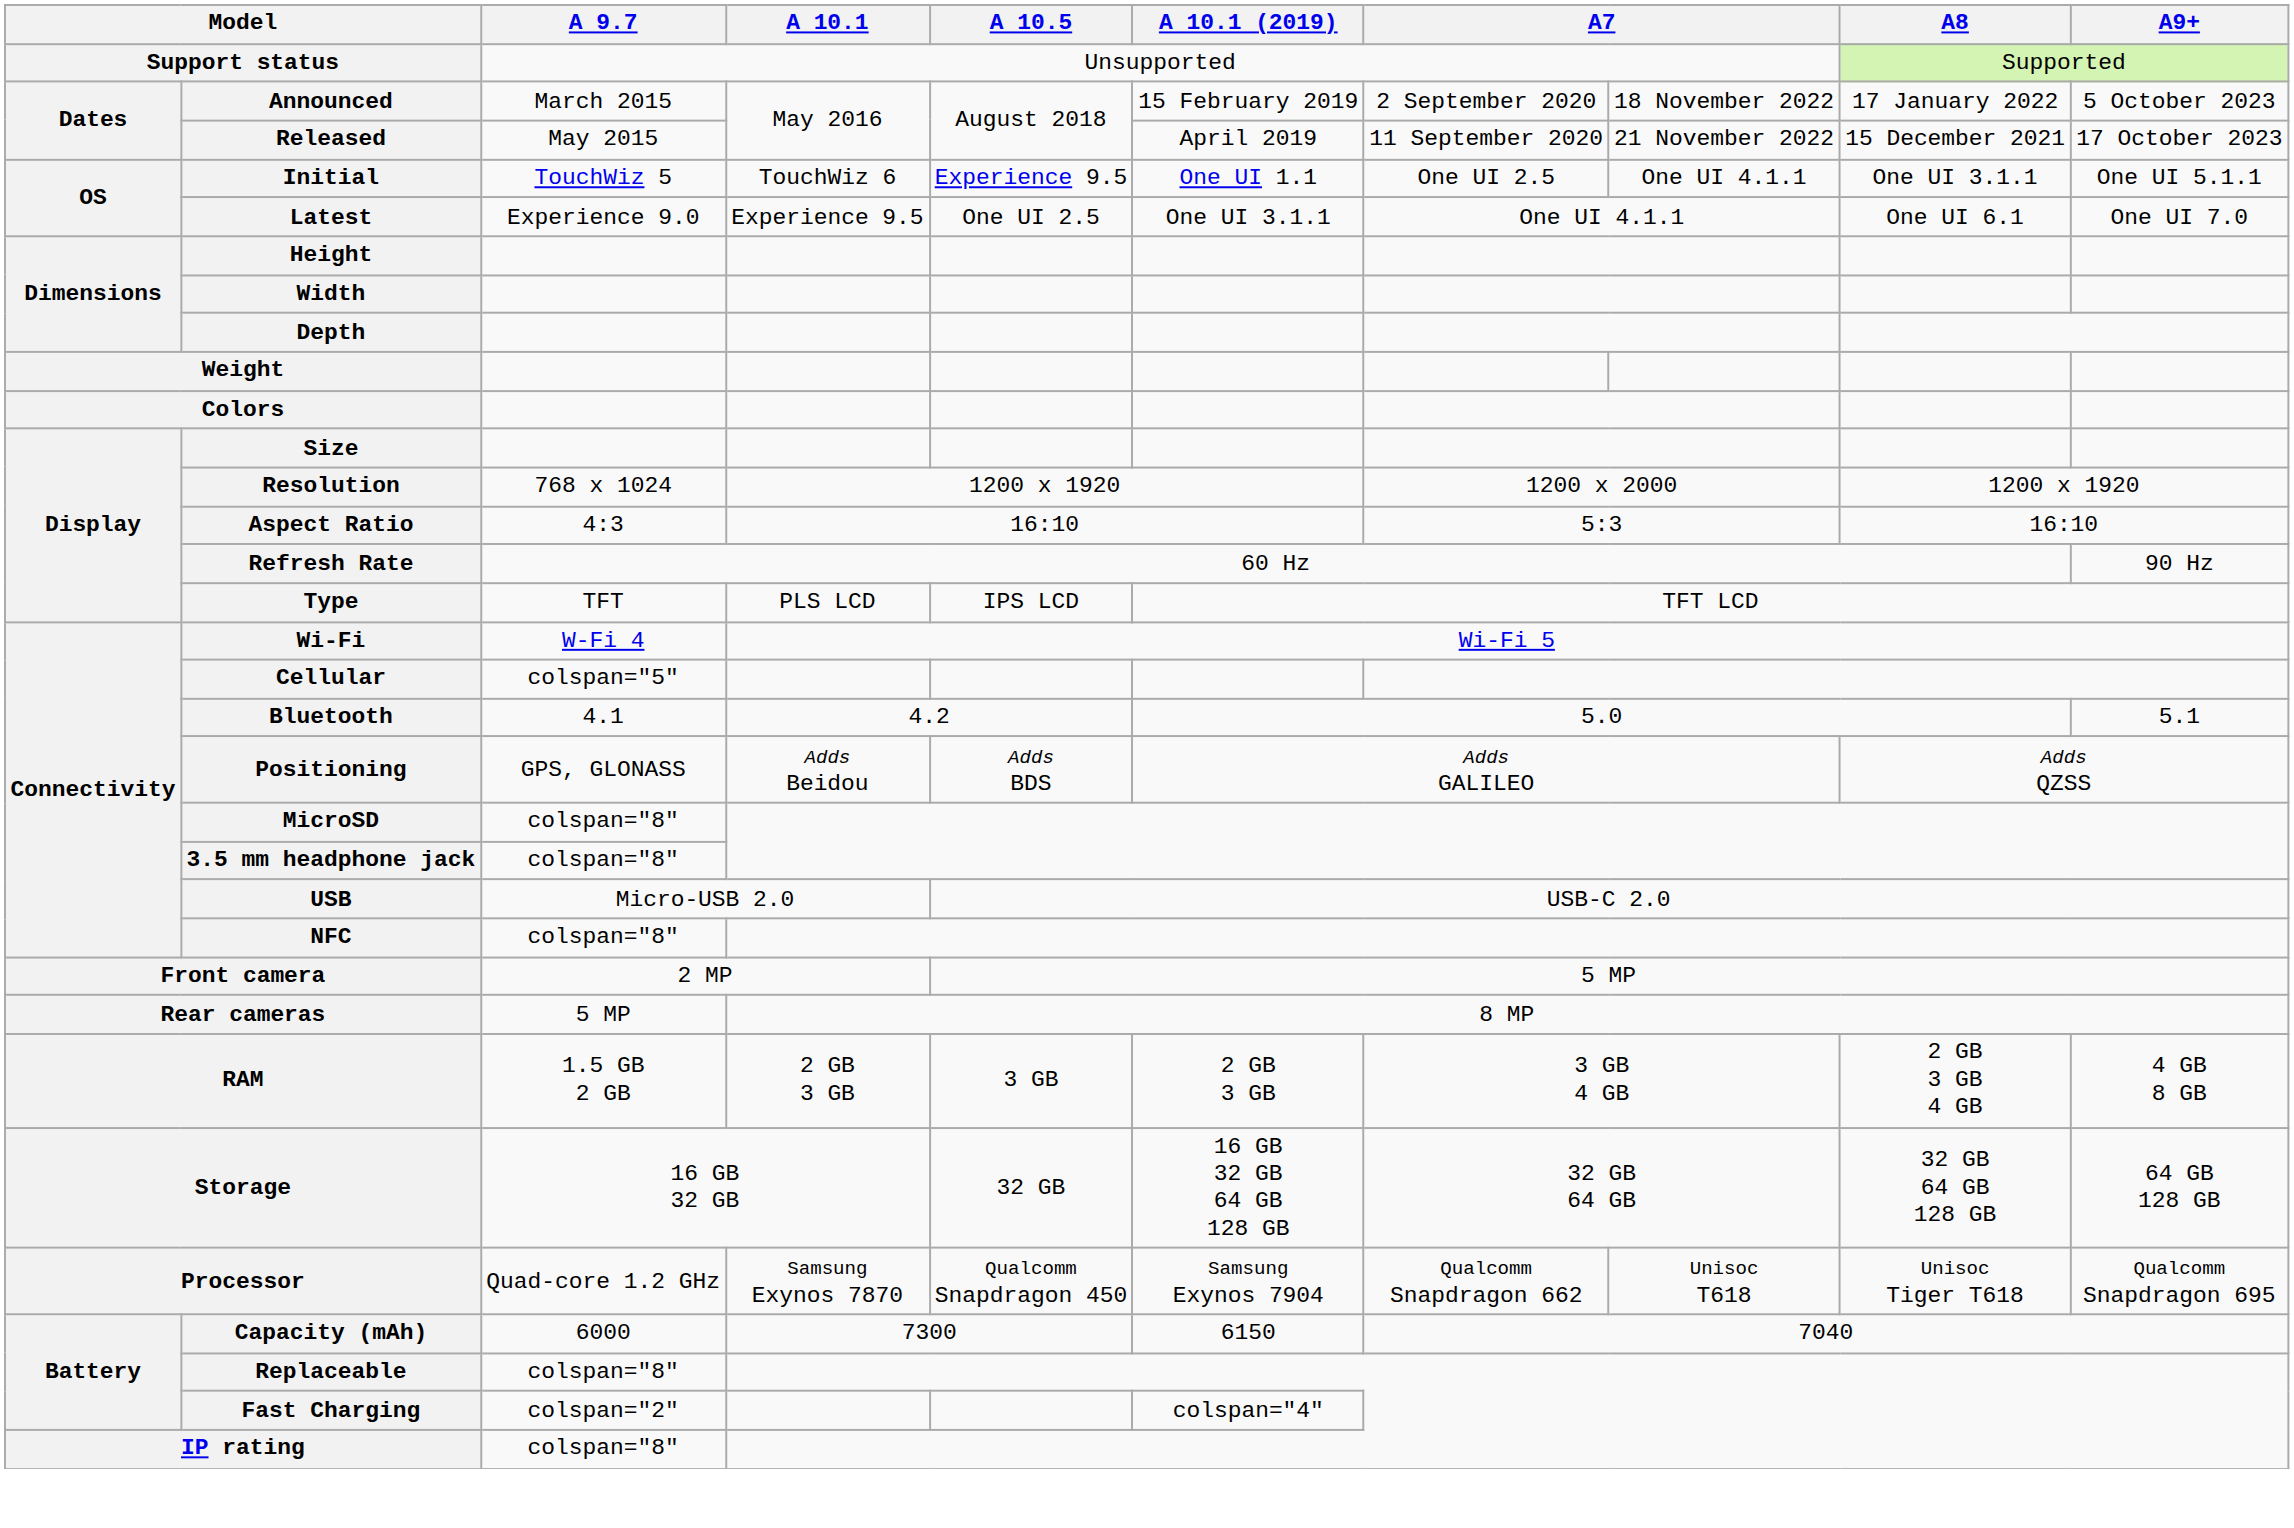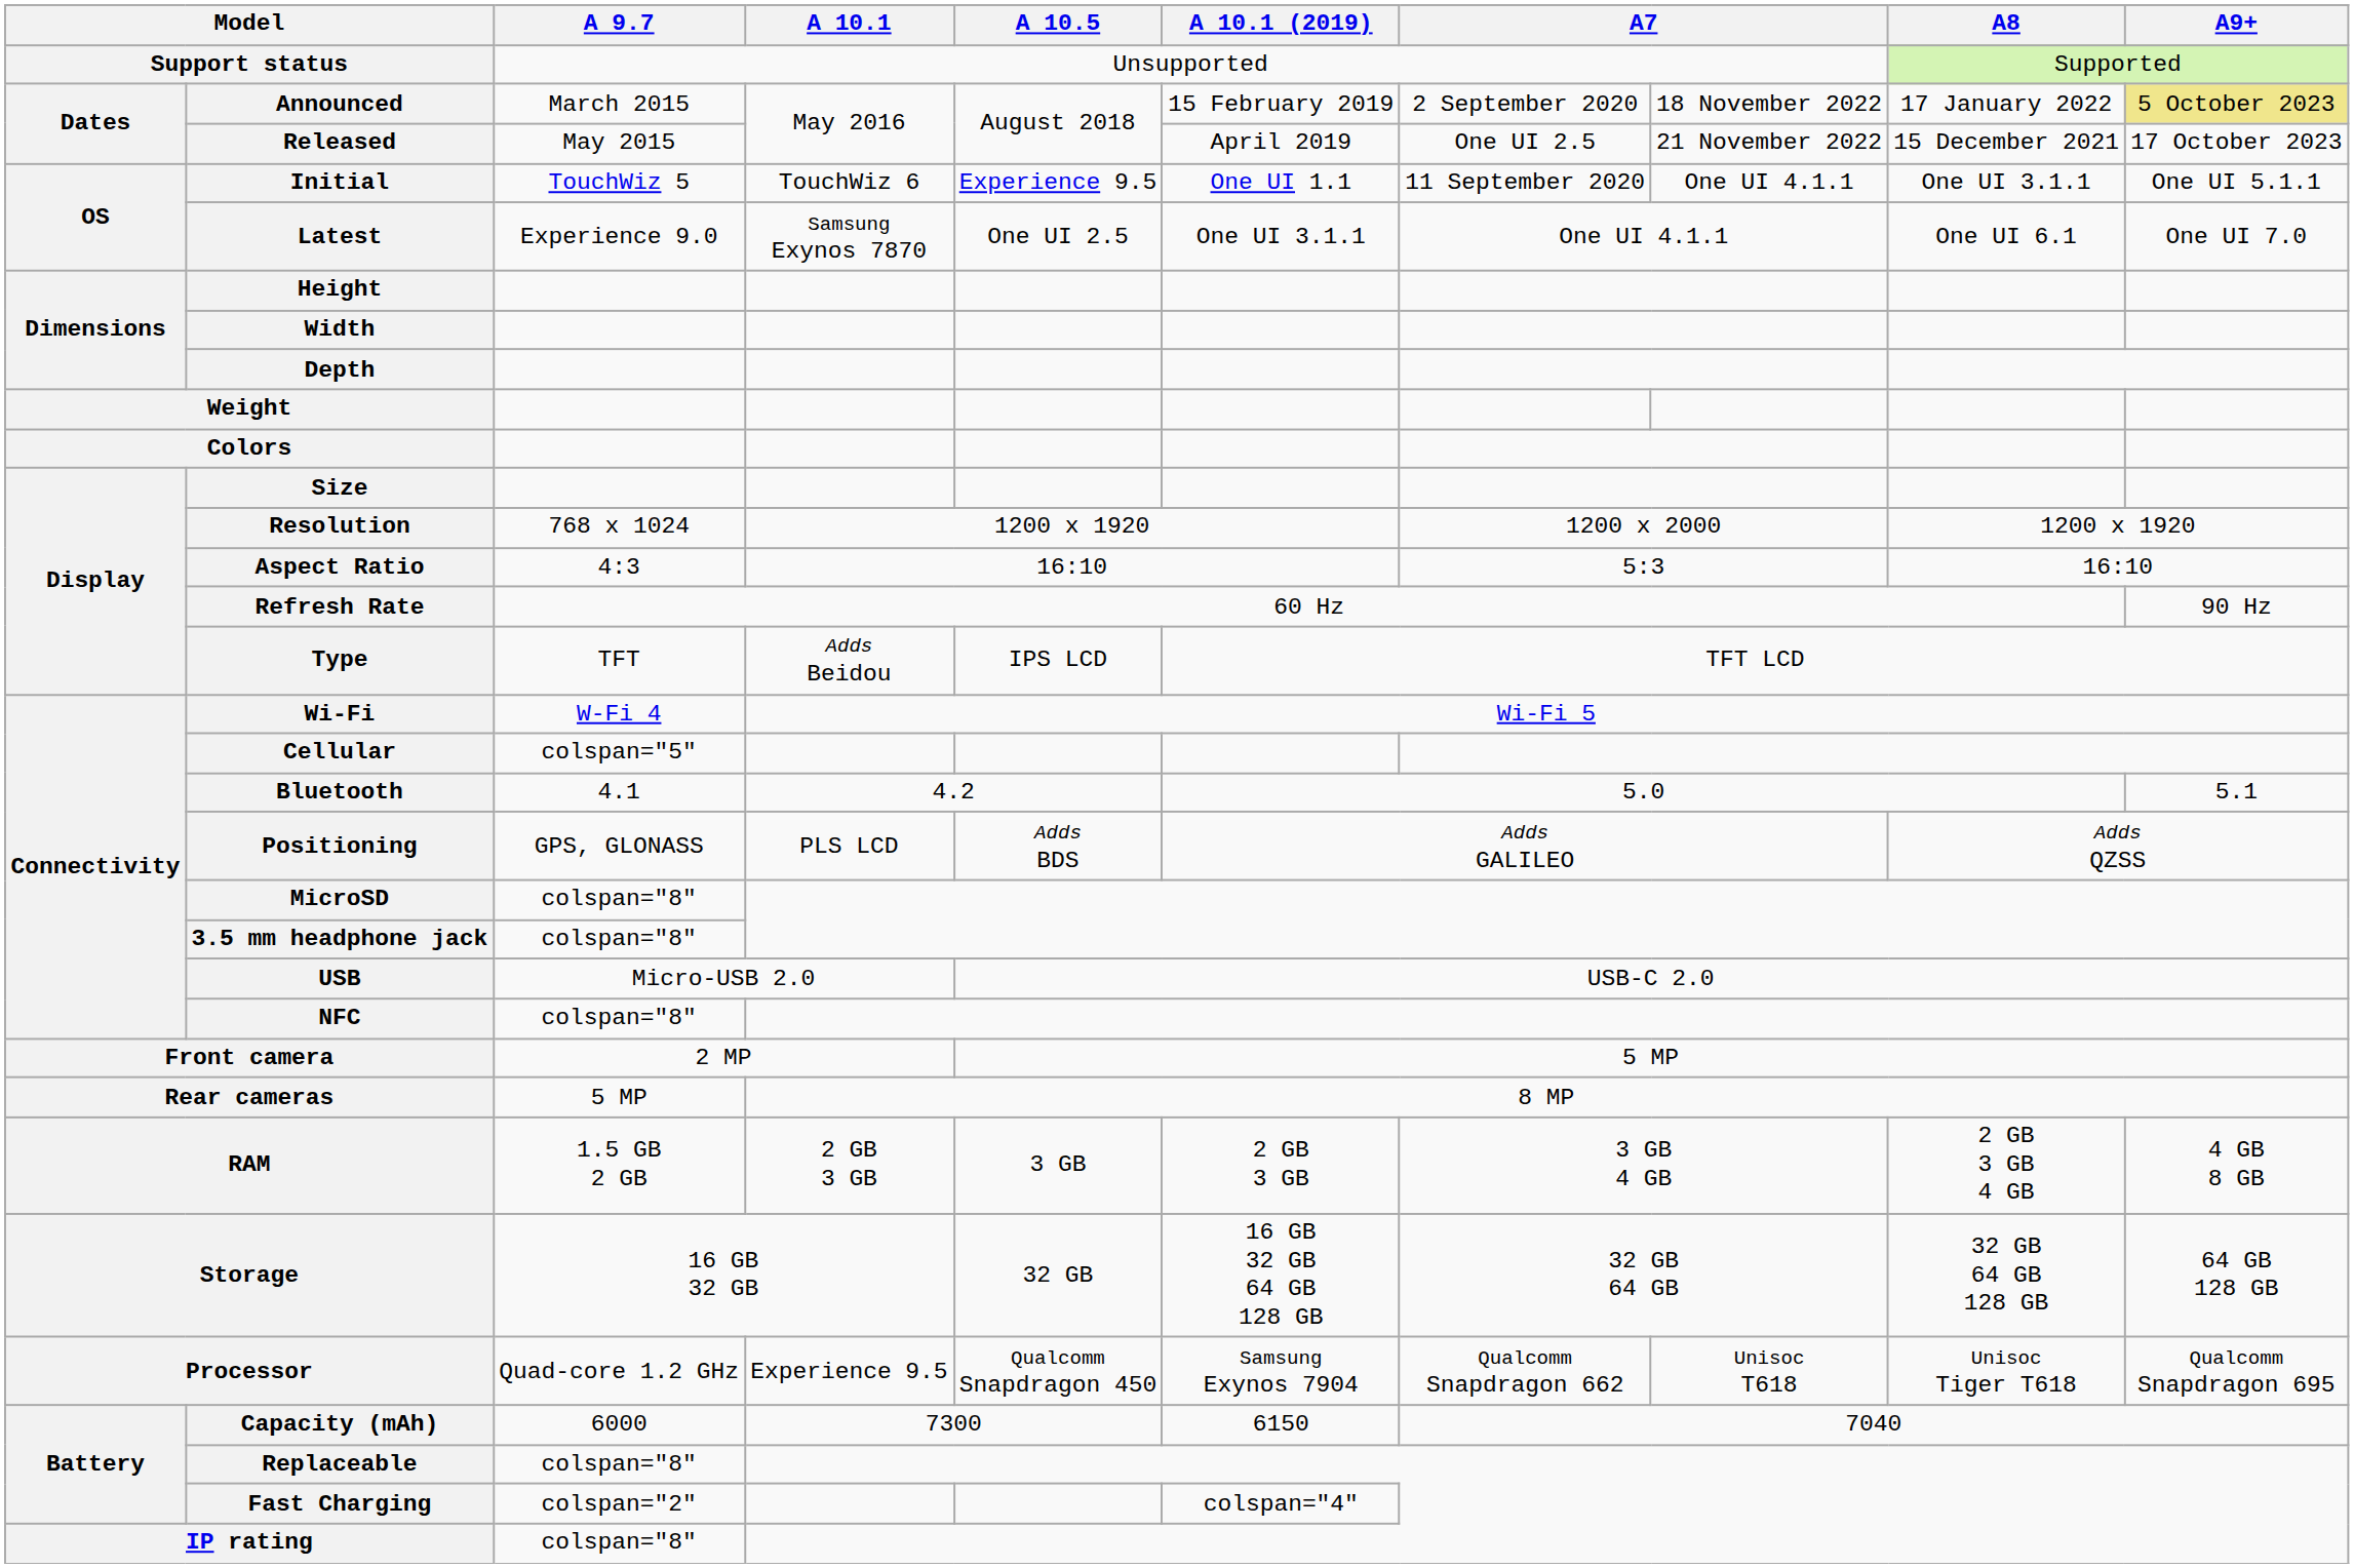 <table class="wikitable" style="text-align:center; font-size:90%;">
 <tr>
 <th colspan="2">Model</th>
 <th style="min-width: 8em"><a href='#'>A 9.7</a></th>
 <th style="min-width: 8em"><a href='#'>A 10.1</a></th>
 <th style="min-width: 8em"><a href='#'>A 10.5</a></th>
 <th style="min-width: 8em"><a href='#'>A 10.1 (2019)</a></th>
 <th style="min-width: 16em" colspan="2"><a href='#'>A7</a></th>
 <th style="min-width: 8em"><a href='#'>A8</a></th>
 <th style="min-width: 8em"><a href='#'>A9+</a></th>
 </tr>
 <tr>
 <th colspan="2">Support status</th>
 <td colspan="6">Unsupported</td>
 <td style="background:#d4f4b4" colspan="2">Supported</td>
 </tr>
 <tr>
 <th rowspan="2">Dates</th>
 <th>Announced</th>
 <td>March 2015</td>
 <td rowspan="2">May 2016</td>
 <td rowspan="2">August 2018</td>
 <td>15 February 2019</td>
 <td>2 September 2020</td>
 <td>18 November 2022</td>
 <td>17 January 2022</td>
-<td>5 October 2023</td>
+<td style="background: khaki;">5 October 2023</td>
 </tr>
 <tr>
 <th>Released</th>
 <td>May 2015</td>
 <td>April 2019</td>
-<td>11 September 2020</td>
+<td>One UI 2.5<br></td>
 <td>21 November 2022</td>
 <td>15 December 2021</td>
 <td>17 October 2023</td>
 </tr>
 <tr>
 <th rowspan="2">OS</th>
 <th>Initial</th>
 <td><a href='#'>TouchWiz</a> 5<br></td>
 <td>TouchWiz 6<br></td>
 <td><a href='#'>Experience</a> 9.5<br></td>
 <td><a href='#'>One UI</a> 1.1<br></td>
-<td>One UI 2.5<br></td>
+<td>11 September 2020</td>
 <td>One UI 4.1.1<br></td>
 <td>One UI 3.1.1<br></td>
 <td>One UI 5.1.1<br></td>
 </tr>
 <tr>
 <th>Latest</th>
 <td>Experience 9.0<br></td>
-<td>Experience 9.5<br></td>
+<td><small>Samsung</small><br>Exynos 7870</td>
 <td>One UI 2.5<br></td>
 <td>One UI 3.1.1<br></td>
 <td colspan="2">One UI 4.1.1<br></td>
 <td>One UI 6.1<br></td>
 <td colspan="1">One UI 7.0<br></td>
 </tr>
 <tr>
 <th rowspan="3">Dimensions<br></th>
 <th>Height</th>
 <td></td>
 <td></td>
 <td></td>
 <td></td>
 <td colspan="2"></td>
 <td></td>
 <td></td>
 </tr>
 <tr>
 <th>Width</th>
 <td></td>
 <td></td>
 <td></td>
 <td></td>
 <td colspan="2"></td>
 <td></td>
 <td></td>
 </tr>
 <tr>
 <th>Depth</th>
 <td></td>
 <td></td>
 <td></td>
 <td></td>
 <td colspan="2"></td>
 <td colspan="2"></td>
 </tr>
 <tr>
 <th colspan="2">Weight<br></th>
 <td></td>
 <td></td>
 <td></td>
 <td></td>
 <td></td>
 <td></td>
 <td></td>
 <td></td>
 </tr>
 <tr>
 <th colspan="2">Colors</th>
 <td>  </td>
 <td> </td>
 <td>  </td>
 <td>  </td>
 <td colspan="2">  </td>
 <td>  </td>
 <td>  </td>
 </tr>
 <tr>
 <th rowspan="5">Display</th>
 <th>Size</th>
 <td></td>
 <td></td>
 <td></td>
 <td></td>
 <td colspan="2"></td>
 <td></td>
 <td></td>
 </tr>
 <tr>
 <th>Resolution</th>
 <td>768 x 1024</td>
 <td colspan="3">1200 x 1920</td>
 <td colspan="2">1200 x 2000</td>
 <td colspan="2">1200 x 1920</td>
 </tr>
 <tr>
 <th>Aspect Ratio</th>
 <td>4:3</td>
 <td colspan="3">16:10</td>
 <td colspan="2">5:3</td>
 <td colspan="2">16:10</td>
 </tr>
 <tr>
 <th>Refresh Rate</th>
 <td colspan="7">60 Hz</td>
 <td>90 Hz</td>
 </tr>
 <tr>
 <th>Type</th>
 <td>TFT</td>
-<td>PLS LCD</td>
+<td><small><em>Adds</em></small><br>Beidou</td>
 <td>IPS LCD</td>
 <td colspan="5">TFT LCD</td>
 </tr>
 <tr>
 <th rowspan="8">Connectivity</th>
 <th>Wi-Fi</th>
 <td><a href='#'>W-Fi 4</a></td>
 <td colspan="7"><a href='#'>Wi-Fi 5</a></td>
 </tr>
 <tr>
 <th>Cellular</th>
 <td>colspan="5" </td>
 <td></td>
 <td></td>
 <td></td>
 </tr>
 <tr>
 <th>Bluetooth</th>
 <td>4.1</td>
 <td colspan="2">4.2</td>
 <td colspan="4">5.0</td>
 <td>5.1</td>
 </tr>
 <tr>
 <th>Positioning</th>
 <td>GPS, GLONASS</td>
-<td><small><em>Adds</em></small><br>Beidou</td>
+<td>PLS LCD</td>
 <td><small><em>Adds</em></small><br>BDS</td>
 <td colspan="3"><small><em>Adds</em></small><br>GALILEO</td>
 <td colspan="2"><small><em>Adds</em></small><br>QZSS</td>
 </tr>
 <tr>
 <th>MicroSD</th>
 <td>colspan="8" </td>
 </tr>
 <tr>
 <th>3.5 mm headphone jack</th>
 <td>colspan="8" </td>
 </tr>
 <tr>
 <th>USB</th>
 <td colspan="2">Micro-USB 2.0</td>
 <td colspan="6">USB-C 2.0</td>
 </tr>
 <tr>
 <th>NFC</th>
 <td>colspan="8" </td>
 </tr>
 <tr>
 <th colspan="2">Front camera</th>
 <td colspan="2">2 MP</td>
 <td colspan="6">5 MP</td>
 </tr>
 <tr>
 <th colspan="2">Rear cameras</th>
 <td>5 MP</td>
 <td colspan="7">8 MP</td>
 </tr>
 <tr>
 <th colspan="2">RAM</th>
 <td>1.5 GB<br>2 GB</td>
 <td>2 GB<br>3 GB</td>
 <td>3 GB</td>
 <td>2 GB<br>3 GB</td>
 <td colspan="2">3 GB<br>4 GB</td>
 <td>2 GB<br>3 GB<br>4 GB</td>
 <td>4 GB<br>8 GB</td>
 </tr>
 <tr>
 <th colspan="2">Storage</th>
 <td colspan="2">16 GB<br>32 GB</td>
 <td>32 GB</td>
 <td>16 GB<br>32 GB<br>64 GB<br>128 GB</td>
 <td colspan="2">32 GB<br>64 GB</td>
 <td>32 GB<br>64 GB<br>128 GB</td>
 <td>64 GB<br>128 GB</td>
 </tr>
 <tr>
 <th colspan="2">Processor</th>
 <td>Quad-core 1.2 GHz</td>
-<td><small>Samsung</small><br>Exynos 7870</td>
+<td>Experience 9.5<br></td>
 <td><small>Qualcomm</small><br>Snapdragon 450</td>
 <td><small>Samsung</small><br>Exynos 7904</td>
 <td><small>Qualcomm</small><br>Snapdragon 662</td>
 <td><small>Unisoc</small><br>T618</td>
 <td><small>Unisoc</small><br>Tiger T618</td>
 <td><small>Qualcomm</small><br>Snapdragon 695</td>
 </tr>
 <tr>
 <th rowspan="3">Battery</th>
 <th>Capacity (mAh)</th>
 <td>6000</td>
 <td colspan="2">7300</td>
 <td>6150</td>
 <td colspan="4">7040</td>
 </tr>
 <tr>
 <th>Replaceable</th>
 <td>colspan="8" </td>
 </tr>
 <tr>
 <th>Fast Charging</th>
 <td>colspan="2" </td>
 <td></td>
 <td></td>
 <td>colspan="4" </td>
 </tr>
 <tr>
 <th colspan="2"><a href='#'>IP</a> rating</th>
 <td>colspan="8" </td>
 </tr>
 </table>
